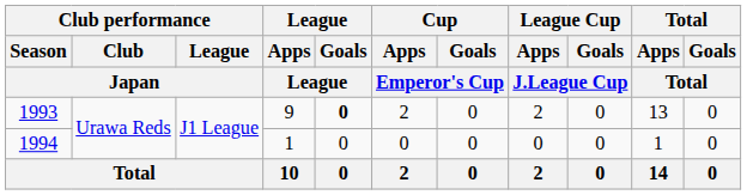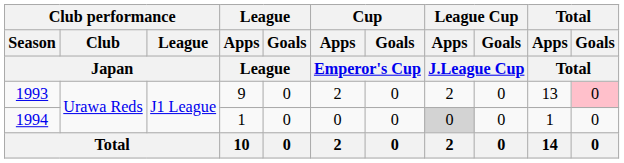 <table class="wikitable" style="text-align:center;">
 <tr>
 <th colspan=3>Club performance</th>
 <th colspan=2>League</th>
 <th colspan=2>Cup</th>
 <th colspan=2>League Cup</th>
 <th colspan=2>Total</th>
 </tr>
 <tr>
 <th>Season</th>
 <th>Club</th>
 <th>League</th>
 <th>Apps</th>
 <th>Goals</th>
 <th>Apps</th>
 <th>Goals</th>
 <th>Apps</th>
 <th>Goals</th>
 <th>Apps</th>
 <th>Goals</th>
 </tr>
 <tr>
 <th colspan=3>Japan</th>
 <th colspan=2>League</th>
 <th colspan=2><a href='#'>Emperor's Cup</a></th>
 <th colspan=2><a href='#'>J.League Cup</a></th>
 <th colspan=2>Total</th>
 </tr>
 <tr>
 <td><a href='#'>1993</a></td>
 <td rowspan="2"><a href='#'>Urawa Reds</a></td>
 <td rowspan="2"><a href='#'>J1 League</a></td>
 <td>9</td>
-<td><strong>0</strong></td>
+<td>0</td>
 <td>2</td>
 <td>0</td>
 <td>2</td>
 <td>0</td>
 <td>13</td>
-<td>0</td>
+<td style="background: pink;">0</td>
 </tr>
 <tr>
 <td><a href='#'>1994</a></td>
 <td>1</td>
 <td>0</td>
 <td>0</td>
 <td>0</td>
-<td>0</td>
+<td style="background: lightgrey;">0</td>
 <td>0</td>
 <td>1</td>
 <td>0</td>
 </tr>
 <tr>
 <th colspan=3>Total</th>
 <th>10</th>
 <th>0</th>
 <th>2</th>
 <th>0</th>
 <th>2</th>
 <th>0</th>
 <th>14</th>
 <th>0</th>
 </tr>
 </table>
